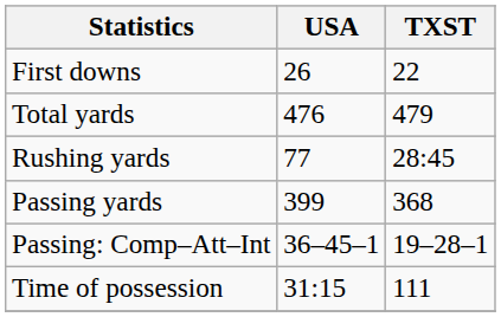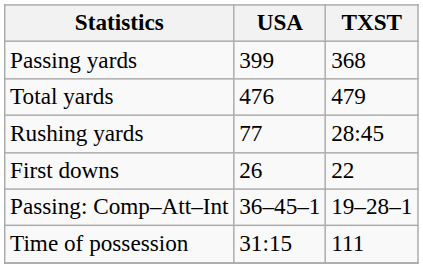 <table class="wikitable" style="float: left;">
 <tr>
 <th>Statistics</th>
 <th>USA</th>
 <th>TXST</th>
 </tr>
 <tr>
-<td>First downs</td>
-<td>26</td>
-<td>22</td>
+<td>Passing yards</td>
+<td>399</td>
+<td>368</td>
 </tr>
 <tr>
 <td>Total yards</td>
 <td>476</td>
 <td>479</td>
 </tr>
 <tr>
 <td>Rushing yards</td>
 <td>77</td>
 <td>28:45</td>
 </tr>
 <tr>
-<td>Passing yards</td>
-<td>399</td>
-<td>368</td>
+<td>First downs</td>
+<td>26</td>
+<td>22</td>
 </tr>
 <tr>
 <td>Passing: Comp–Att–Int</td>
 <td>36–45–1</td>
 <td>19–28–1</td>
 </tr>
 <tr>
 <td>Time of possession</td>
 <td>31:15</td>
 <td>111</td>
 </tr>
 <tr>
 </tr>
 </table>
